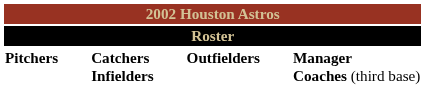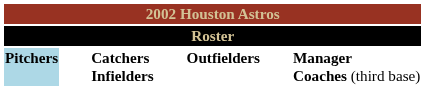 <table class="toccolours" style="font-size: 95%;">
 <tr>
 <th colspan="10" style="background:#983222; color:#d2c295; text-align:center;">2002 Houston Astros</th>
 </tr>
 <tr>
 <td colspan="10" style="background:#000; color:#d2c295; text-align:center;"><strong>Roster</strong></td>
 </tr>
 <tr>
-<td valign="top"><strong>Pitchers</strong><br>                    </td>
+<td valign="top" style="background: lightblue;"><strong>Pitchers</strong><br>                    </td>
 <td style="width:25px;"></td>
 <td valign="top"><strong>Catchers</strong><br>    <strong>Infielders</strong>         </td>
 <td style="width:25px;"></td>
 <td valign="top"><strong>Outfielders</strong><br>      </td>
 <td style="width:25px;"></td>
 <td valign="top"><strong>Manager</strong><br> <strong>Coaches</strong>    (third base)   </td>
 </tr>
 </table>
